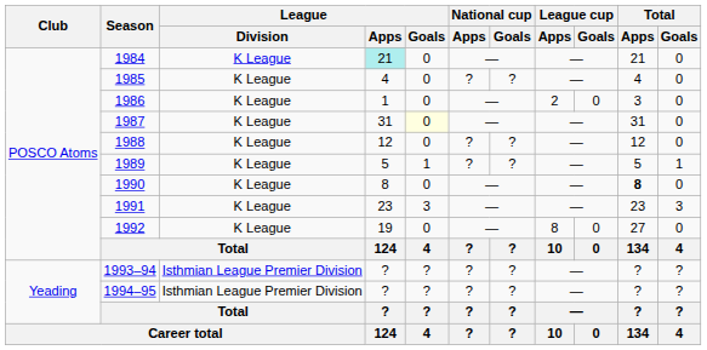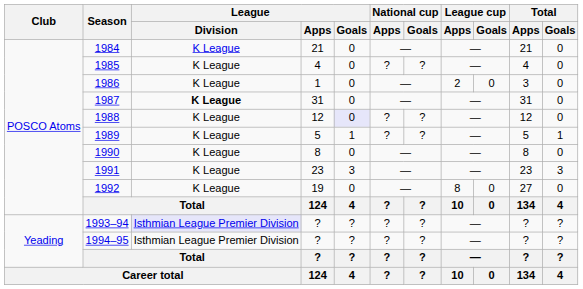 <table class="wikitable" style="text-align:center">
 <tr>
 <th rowspan=2>Club</th>
 <th rowspan=2>Season</th>
 <th colspan=3>League</th>
 <th colspan=2>National cup</th>
 <th colspan=2>League cup</th>
 <th colspan=2>Total</th>
 </tr>
 <tr>
 <th>Division</th>
 <th>Apps</th>
 <th>Goals</th>
 <th>Apps</th>
 <th>Goals</th>
 <th>Apps</th>
 <th>Goals</th>
 <th>Apps</th>
 <th>Goals</th>
 </tr>
 <tr>
 <td rowspan=10><a href='#'>POSCO Atoms</a></td>
 <td><a href='#'>1984</a></td>
 <td><a href='#'>K League</a></td>
-<td style="background: paleturquoise;">21</td>
+<td>21</td>
 <td>0</td>
 <td colspan="2">—</td>
 <td colspan=2>—</td>
 <td>21</td>
 <td>0</td>
 </tr>
 <tr>
 <td><a href='#'>1985</a></td>
 <td>K League</td>
 <td>4</td>
 <td>0</td>
 <td>?</td>
 <td>?</td>
 <td colspan=2>—</td>
 <td>4</td>
 <td>0</td>
 </tr>
 <tr>
 <td><a href='#'>1986</a></td>
 <td>K League</td>
 <td>1</td>
 <td>0</td>
 <td colspan="2">—</td>
 <td>2</td>
 <td>0</td>
 <td>3</td>
 <td>0</td>
 </tr>
 <tr>
 <td><a href='#'>1987</a></td>
-<td>K League</td>
+<td><strong>K League</strong></td>
 <td>31</td>
-<td style="background: lightyellow;">0</td>
+<td>0</td>
 <td colspan="2">—</td>
 <td colspan=2>—</td>
 <td>31</td>
 <td>0</td>
 </tr>
 <tr>
 <td><a href='#'>1988</a></td>
 <td>K League</td>
 <td>12</td>
-<td>0</td>
+<td style="background: lavender;">0</td>
 <td>?</td>
 <td>?</td>
 <td colspan=2>—</td>
 <td>12</td>
 <td>0</td>
 </tr>
 <tr>
 <td><a href='#'>1989</a></td>
 <td>K League</td>
 <td>5</td>
 <td>1</td>
 <td>?</td>
 <td>?</td>
 <td colspan=2>—</td>
 <td>5</td>
 <td>1</td>
 </tr>
 <tr>
 <td><a href='#'>1990</a></td>
 <td>K League</td>
 <td>8</td>
 <td>0</td>
 <td colspan=2>—</td>
 <td colspan=2>—</td>
-<td><strong>8</strong></td>
+<td>8</td>
 <td>0</td>
 </tr>
 <tr>
 <td><a href='#'>1991</a></td>
 <td>K League</td>
 <td>23</td>
 <td>3</td>
 <td colspan=2>—</td>
 <td colspan=2>—</td>
 <td>23</td>
 <td>3</td>
 </tr>
 <tr>
 <td><a href='#'>1992</a></td>
 <td>K League</td>
 <td>19</td>
 <td>0</td>
 <td colspan=2>—</td>
 <td>8</td>
 <td>0</td>
 <td>27</td>
 <td>0</td>
 </tr>
 <tr>
 <th colspan=2>Total</th>
 <th>124</th>
 <th>4</th>
 <th>?</th>
 <th>?</th>
 <th>10</th>
 <th>0</th>
 <th>134</th>
 <th>4</th>
 </tr>
 <tr>
 <td rowspan=3><a href='#'>Yeading</a></td>
 <td><a href='#'>1993–94</a></td>
-<td><a href='#'>Isthmian League Premier Division</a></td>
+<td style="background: lavender;"><a href='#'>Isthmian League Premier Division</a></td>
 <td>?</td>
 <td>?</td>
 <td>?</td>
 <td>?</td>
 <td colspan=2>—</td>
 <td>?</td>
 <td>?</td>
 </tr>
 <tr>
 <td><a href='#'>1994–95</a></td>
 <td>Isthmian League Premier Division</td>
 <td>?</td>
 <td>?</td>
 <td>?</td>
 <td>?</td>
 <td colspan=2>—</td>
 <td>?</td>
 <td>?</td>
 </tr>
 <tr>
 <th colspan=2>Total</th>
 <th>?</th>
 <th>?</th>
 <th>?</th>
 <th>?</th>
 <th colspan=2>—</th>
 <th>?</th>
 <th>?</th>
 </tr>
 <tr>
 <th colspan=3>Career total</th>
 <th>124</th>
 <th>4</th>
 <th>?</th>
 <th>?</th>
 <th>10</th>
 <th>0</th>
 <th>134</th>
 <th>4</th>
 </tr>
 </table>
